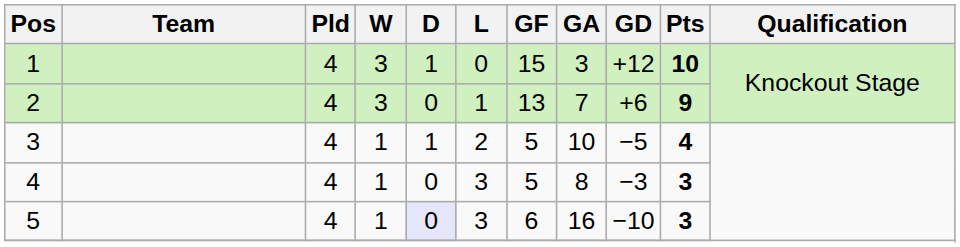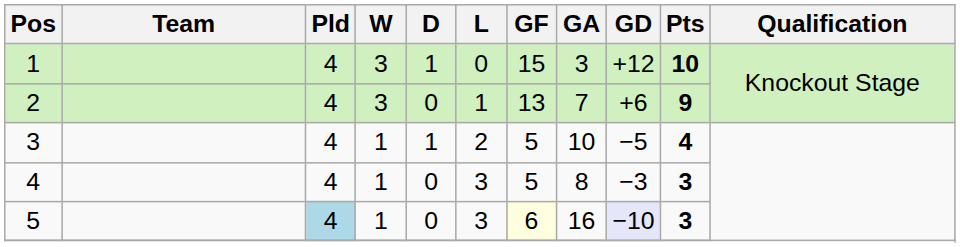 <table class="wikitable" border="1" style="text-align: center;">
 <tr>
 <th width="25"><abbr>Pos</abbr></th>
 <th width="150">Team</th>
 <th width="25"><abbr>Pld</abbr></th>
 <th width="25"><abbr>W</abbr></th>
 <th width="25"><abbr>D</abbr></th>
 <th width="25"><abbr>L</abbr></th>
 <th width="25"><abbr>GF</abbr></th>
 <th width="25"><abbr>GA</abbr></th>
 <th width="25"><abbr>GD</abbr></th>
 <th width="25"><abbr>Pts</abbr></th>
 <th width="150">Qualification</th>
 </tr>
 <tr bgcolor= #D0F0C0>
 <td>1</td>
 <td align="left"></td>
 <td>4</td>
 <td>3</td>
 <td>1</td>
 <td>0</td>
 <td>15</td>
 <td>3</td>
 <td>+12</td>
 <td><strong>10</strong></td>
 <td rowspan=2>Knockout Stage</td>
 </tr>
 <tr bgcolor= #D0F0C0>
 <td>2</td>
 <td align="left"></td>
 <td>4</td>
 <td>3</td>
 <td>0</td>
 <td>1</td>
 <td>13</td>
 <td>7</td>
 <td>+6</td>
 <td><strong>9</strong></td>
 </tr>
 <tr>
 <td>3</td>
 <td align="left"></td>
 <td>4</td>
 <td>1</td>
 <td>1</td>
 <td>2</td>
 <td>5</td>
 <td>10</td>
 <td>−5</td>
 <td><strong>4</strong></td>
 </tr>
 <tr>
 <td>4</td>
 <td align="left"></td>
 <td>4</td>
 <td>1</td>
 <td>0</td>
 <td>3</td>
 <td>5</td>
 <td>8</td>
 <td>−3</td>
 <td><strong>3</strong></td>
 </tr>
 <tr>
 <td>5</td>
 <td align="left"></td>
-<td>4</td>
+<td style="background: lightblue;">4</td>
 <td>1</td>
-<td style="background: lavender;">0</td>
+<td>0</td>
 <td>3</td>
-<td>6</td>
+<td style="background: lightyellow;">6</td>
 <td>16</td>
-<td>−10</td>
+<td style="background: lavender;">−10</td>
 <td><strong>3</strong></td>
 </tr>
 <tr>
 </tr>
 </table>
